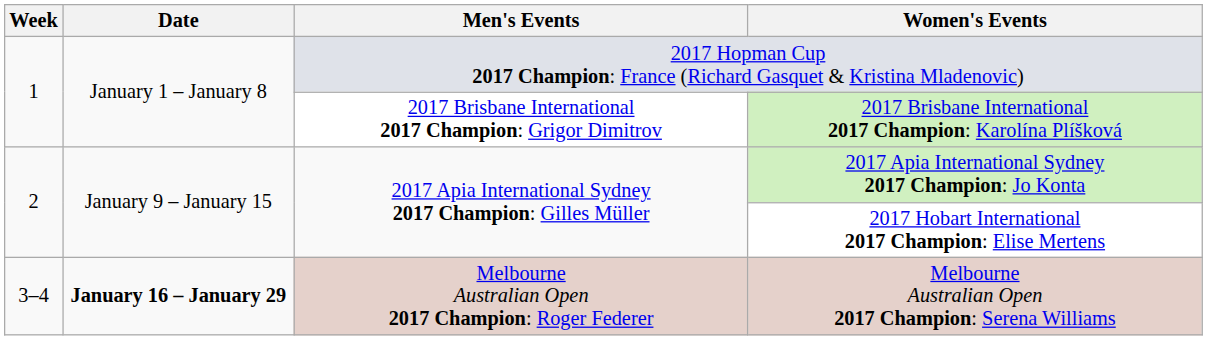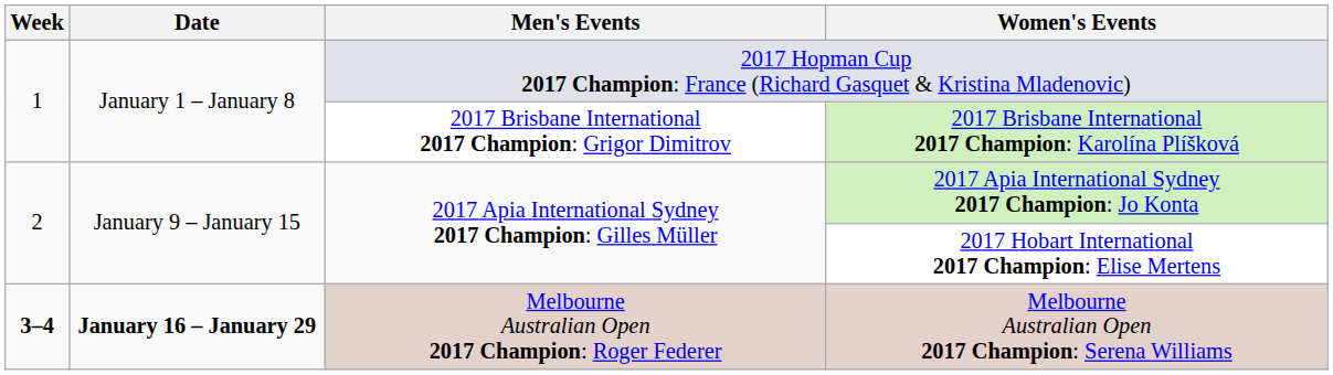 <table class="wikitable">
 <tr>
 <th width=30>Week</th>
 <th width=175>Date</th>
 <th width=350>Men's Events</th>
 <th width=350>Women's Events</th>
 </tr>
 <tr align=center>
 <td rowspan="2">1</td>
 <td rowspan="2">January 1 – January 8</td>
 <td colspan="2" bgcolor="#dfe2e9"><a href='#'>2017 Hopman Cup</a> <br> <strong>2017 Champion</strong>:  <a href='#'>France</a> (<a href='#'>Richard Gasquet</a> & <a href='#'>Kristina Mladenovic</a>)</td>
 </tr>
 <tr align=center>
 <td bgcolor=#ffffff><a href='#'>2017 Brisbane International</a> <br><strong>2017 Champion</strong>:  <a href='#'>Grigor Dimitrov</a></td>
 <td bgcolor=#d0f0c0><a href='#'>2017 Brisbane International</a><br><strong>2017 Champion</strong>:  <a href='#'>Karolína Plíšková</a></td>
 </tr>
 <tr align=center>
 <td rowspan="2">2</td>
 <td rowspan="2">January 9 – January 15</td>
 <td rowspan="2"><a href='#'>2017 Apia International Sydney</a> <br><strong>2017 Champion</strong>:  <a href='#'>Gilles Müller</a></td>
 <td bgcolor=#d0f0c0><a href='#'>2017 Apia International Sydney</a> <br><strong>2017 Champion</strong>:  <a href='#'>Jo Konta</a></td>
 </tr>
 <tr align=center>
 <td bgcolor=#ffffff><a href='#'>2017 Hobart International</a> <br><strong>2017 Champion</strong>:  <a href='#'>Elise Mertens</a></td>
 </tr>
 <tr align=center>
-<td>3–4</td>
+<td><strong>3–4</strong></td>
 <td><strong>January 16 – January 29</strong></td>
 <td bgcolor=#e5d1cb><a href='#'>Melbourne</a><br> <em>Australian Open</em><br><strong>2017 Champion</strong>:  <a href='#'>Roger Federer</a></td>
 <td bgcolor="e5d1cb"><a href='#'>Melbourne</a><br> <em>Australian Open</em><br><strong>2017 Champion</strong>:   <a href='#'>Serena Williams</a></td>
 </tr>
 </table>
